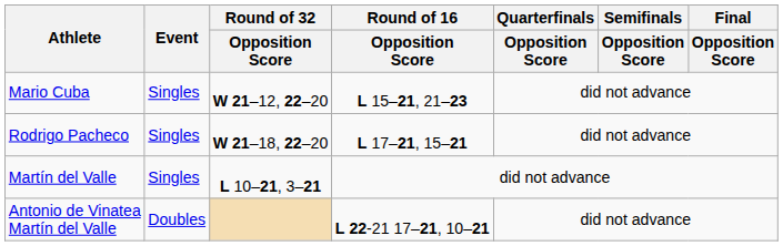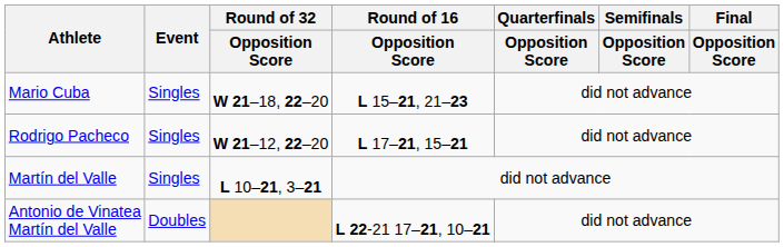 <table class="wikitable" border="1" style="font-size:90%">
 <tr>
 <th rowspan=2>Athlete</th>
 <th rowspan=2>Event</th>
 <th>Round of 32</th>
 <th>Round of 16</th>
 <th>Quarterfinals</th>
 <th>Semifinals</th>
 <th>Final</th>
 </tr>
 <tr>
 <th>Opposition<br>Score</th>
 <th>Opposition<br>Score</th>
 <th>Opposition<br>Score</th>
 <th>Opposition<br>Score</th>
 <th>Opposition<br>Score</th>
 </tr>
 <tr>
 <td><a href='#'>Mario Cuba</a></td>
 <td><a href='#'>Singles</a></td>
-<td align=center><br><strong>W</strong> <strong>21</strong>–12, <strong>22</strong>–20</td>
+<td align=center><br><strong>W</strong> <strong>21</strong>–18, <strong>22</strong>–20</td>
 <td align=center><br><strong>L</strong> 15–<strong>21</strong>, 21–<strong>23</strong></td>
 <td align=center colspan=4>did not advance</td>
 </tr>
 <tr>
 <td><a href='#'>Rodrigo Pacheco</a></td>
 <td><a href='#'>Singles</a></td>
-<td align=center><br><strong>W</strong> <strong>21</strong>–18, <strong>22</strong>–20</td>
+<td align=center><br><strong>W</strong> <strong>21</strong>–12, <strong>22</strong>–20</td>
 <td align=center><br><strong>L</strong> 17–<strong>21</strong>, 15–<strong>21</strong></td>
 <td align=center colspan=4>did not advance</td>
 </tr>
 <tr>
 <td><a href='#'>Martín del Valle</a></td>
 <td><a href='#'>Singles</a></td>
 <td align=center><br><strong>L</strong> 10–<strong>21</strong>, 3–<strong>21</strong></td>
 <td align=center colspan=5>did not advance</td>
 </tr>
 <tr>
 <td><a href='#'>Antonio de Vinatea</a><br><a href='#'>Martín del Valle</a></td>
 <td><a href='#'>Doubles</a></td>
 <td bgcolor=wheat></td>
 <td align=center><br><strong>L</strong> <strong>22</strong>-21 17–<strong>21</strong>, 10–<strong>21</strong></td>
 <td align=center colspan=4>did not advance</td>
 </tr>
 </table>
